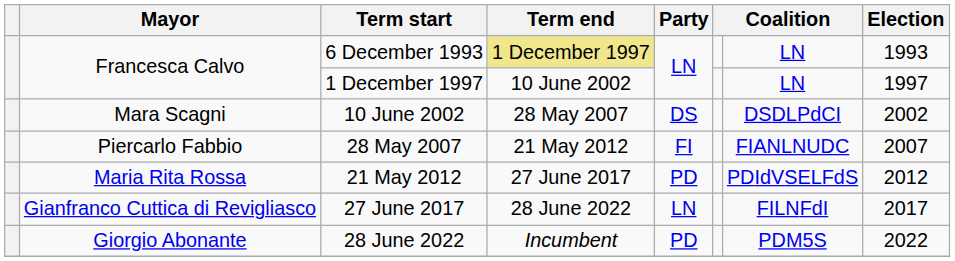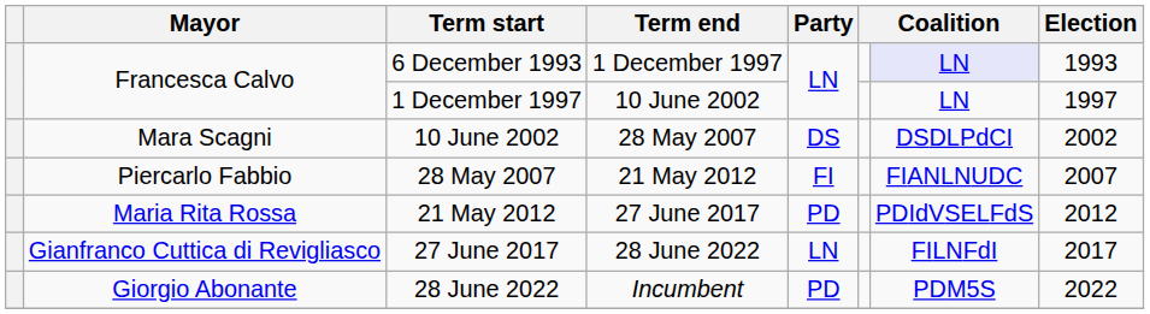 <table class="wikitable" style="text-align: center;">
 <tr>
 <th class=unsortable> </th>
 <th>Mayor</th>
 <th>Term start</th>
 <th>Term end</th>
 <th>Party</th>
 <th colspan="2">Coalition</th>
 <th>Election</th>
 </tr>
 <tr>
 <th rowspan=2 style="background:"></th>
 <td rowspan=2>Francesca Calvo</td>
 <td align=center>6 December 1993</td>
-<td align=center style="background: khaki;">1 December 1997</td>
+<td align=center>1 December 1997</td>
 <td align=center rowspan=2><a href='#'>LN</a></td>
 <td style="background: "></td>
-<td><a href='#'>LN</a></td>
+<td style="background: lavender;"><a href='#'>LN</a></td>
 <td>1993</td>
 </tr>
 <tr>
 <td align=center>1 December 1997</td>
 <td align=center>10 June 2002</td>
 <td style="background: "></td>
 <td><a href='#'>LN</a></td>
 <td>1997</td>
 </tr>
 <tr>
 <th style="background:"></th>
 <td>Mara Scagni</td>
 <td align=center>10 June 2002</td>
 <td align=center>28 May 2007</td>
 <td><a href='#'>DS</a></td>
 <td style="background: "></td>
 <td><a href='#'>DS</a><a href='#'>DL</a><a href='#'>PdCI</a></td>
 <td>2002</td>
 </tr>
 <tr>
 <th style="background:"></th>
 <td>Piercarlo Fabbio</td>
 <td align=center>28 May 2007</td>
 <td align=center>21 May 2012</td>
 <td><a href='#'>FI</a></td>
 <td style="background: "></td>
 <td><a href='#'>FI</a><a href='#'>AN</a><a href='#'>LN</a><a href='#'>UDC</a></td>
 <td>2007</td>
 </tr>
 <tr>
 <th style="background:"></th>
 <td><a href='#'>Maria Rita Rossa</a></td>
 <td align=center>21 May 2012</td>
 <td align=center>27 June 2017</td>
 <td><a href='#'>PD</a></td>
 <td style="background: "></td>
 <td><a href='#'>PD</a><a href='#'>IdV</a><a href='#'>SEL</a><a href='#'>FdS</a></td>
 <td>2012</td>
 </tr>
 <tr>
 <th style="background:"></th>
 <td><a href='#'>Gianfranco Cuttica di Revigliasco</a></td>
 <td align=center>27 June 2017</td>
 <td align=center>28 June 2022</td>
 <td><a href='#'>LN</a></td>
 <td style="background: "></td>
 <td><a href='#'>FI</a><a href='#'>LN</a><a href='#'>FdI</a></td>
 <td>2017</td>
 </tr>
 <tr>
 <th style="background:"></th>
 <td><a href='#'>Giorgio Abonante</a></td>
 <td align=center>28 June 2022</td>
 <td align=center><em>Incumbent</em></td>
 <td><a href='#'>PD</a></td>
 <td style="background: "></td>
 <td><a href='#'>PD</a><a href='#'>M5S</a></td>
 <td>2022</td>
 </tr>
 <tr>
 </tr>
 </table>
